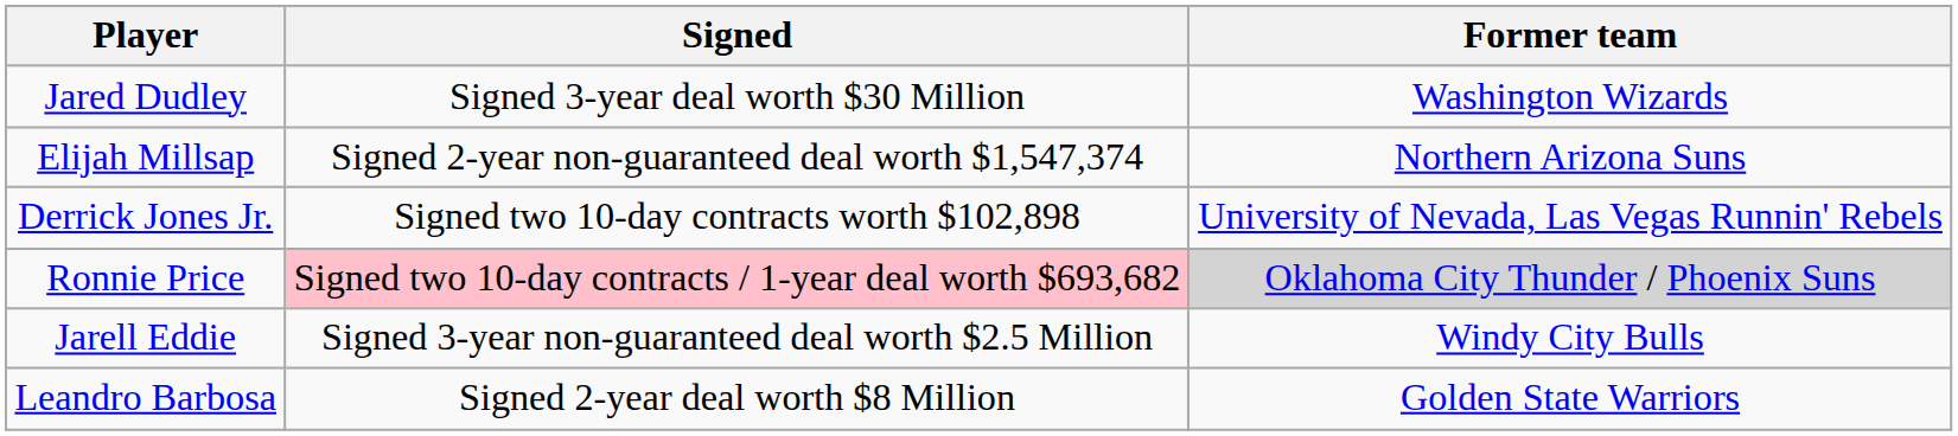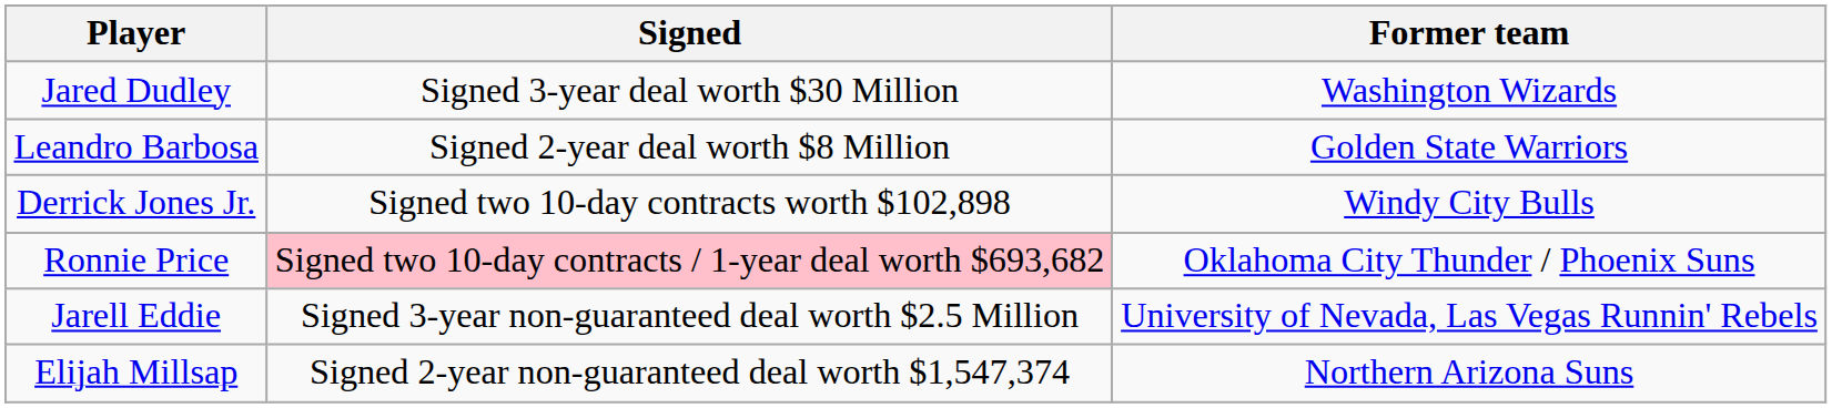 <table class="wikitable sortable sortable">
 <tr>
 <th>Player</th>
 <th>Signed</th>
 <th>Former team</th>
 </tr>
 <tr style="text-align: center">
 <td><a href='#'>Jared Dudley</a></td>
 <td>Signed 3-year deal worth $30 Million</td>
 <td><a href='#'>Washington Wizards</a></td>
 </tr>
 <tr style="text-align: center">
+<td><a href='#'>Leandro Barbosa</a></td>
+<td>Signed 2-year deal worth $8 Million</td>
+<td><a href='#'><span>Golden State Warriors</span></a></td>
+</tr>
+<tr style="text-align: center">
+<td><a href='#'>Derrick Jones Jr.</a></td>
+<td>Signed two 10-day contracts worth $102,898</td>
+<td><a href='#'>Windy City Bulls</a></td>
+</tr>
+<tr style="text-align: center">
+<td><a href='#'>Ronnie Price</a></td>
+<td style="background: pink;">Signed two 10-day contracts / 1-year deal worth $693,682</td>
+<td><a href='#'>Oklahoma City Thunder</a> / <a href='#'>Phoenix Suns</a></td>
+</tr>
+<tr style="text-align: center">
+<td><a href='#'>Jarell Eddie</a></td>
+<td>Signed 3-year non-guaranteed deal worth $2.5 Million</td>
+<td><a href='#'>University of Nevada, Las Vegas Runnin' Rebels</a></td>
+</tr>
+<tr style="text-align: center">
 <td><a href='#'>Elijah Millsap</a></td>
 <td>Signed 2-year non-guaranteed deal worth $1,547,374</td>
 <td><a href='#'>Northern Arizona Suns</a></td>
 </tr>
-<tr style="text-align: center">
-<td><a href='#'>Derrick Jones Jr.</a></td>
-<td>Signed two 10-day contracts worth $102,898</td>
-<td><a href='#'>University of Nevada, Las Vegas Runnin' Rebels</a></td>
-</tr>
-<tr style="text-align: center">
-<td><a href='#'>Ronnie Price</a></td>
-<td style="background: pink;">Signed two 10-day contracts / 1-year deal worth $693,682</td>
-<td style="background: lightgrey;"><a href='#'>Oklahoma City Thunder</a> / <a href='#'>Phoenix Suns</a></td>
-</tr>
-<tr style="text-align: center">
-<td><a href='#'>Jarell Eddie</a></td>
-<td>Signed 3-year non-guaranteed deal worth $2.5 Million</td>
-<td><a href='#'>Windy City Bulls</a></td>
-</tr>
-<tr style="text-align: center">
-<td><a href='#'>Leandro Barbosa</a></td>
-<td>Signed 2-year deal worth $8 Million</td>
-<td><a href='#'><span>Golden State Warriors</span></a></td>
-</tr>
 </table>
